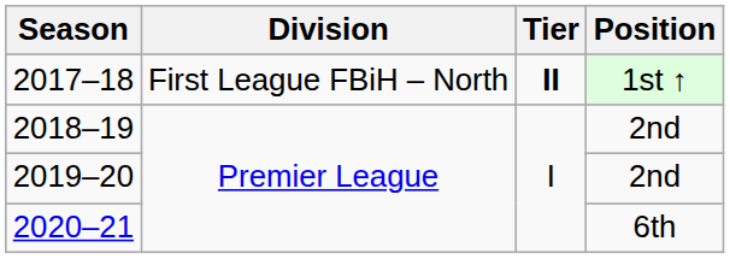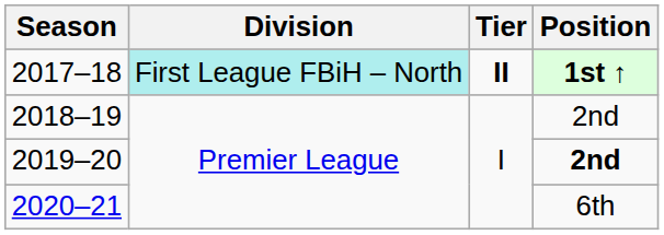 <table class="wikitable">
 <tr>
 <th>Season</th>
 <th>Division</th>
 <th>Tier</th>
 <th>Position</th>
 </tr>
 <tr align="center">
 <td>2017–18</td>
-<td align="left">First League FBiH – North</td>
+<td align="left" style="background: paleturquoise;">First League FBiH – North</td>
 <td><strong>II</strong></td>
-<td bgcolor="#ddffdd">1st ↑</td>
+<td bgcolor="#ddffdd"><strong>1st ↑</strong></td>
 </tr>
 <tr align="center">
 <td>2018–19</td>
 <td align="center" rowspan=3><a href='#'>Premier League</a></td>
 <td rowspan=3>I</td>
 <td>2nd</td>
 </tr>
 <tr align="center">
 <td>2019–20</td>
-<td>2nd</td>
+<td><strong>2nd</strong></td>
 </tr>
 <tr align="center">
 <td><a href='#'>2020–21</a></td>
 <td>6th</td>
 </tr>
 </table>
